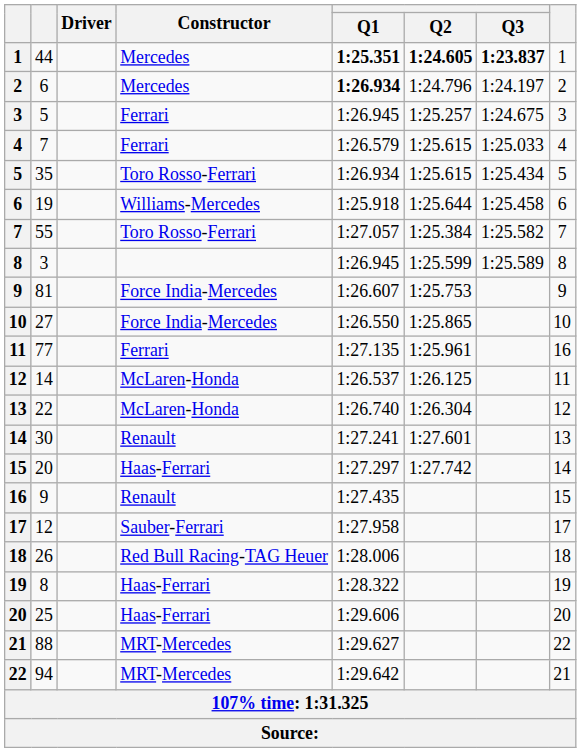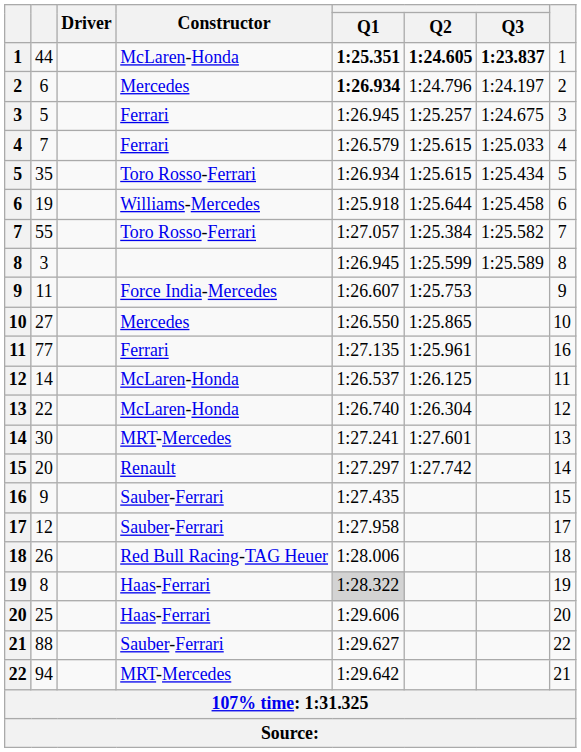 <table class="wikitable sortable" style="font-size: 85%;">
 <tr>
 <th rowspan="2"></th>
 <th rowspan="2"></th>
 <th rowspan="2">Driver</th>
 <th rowspan="2">Constructor</th>
 <th colspan="3"></th>
 <th rowspan="2"></th>
 </tr>
 <tr>
 <th scope="col">Q1</th>
 <th scope="col">Q2</th>
 <th scope="col">Q3</th>
 </tr>
 <tr>
 <th>1</th>
 <td align="center">44</td>
 <td></td>
-<td><a href='#'>Mercedes</a></td>
+<td><a href='#'>McLaren</a>-<a href='#'>Honda</a></td>
 <td><strong>1:25.351</strong></td>
 <td><strong>1:24.605</strong></td>
 <td><strong>1:23.837</strong></td>
 <td align="center">1</td>
 </tr>
 <tr>
 <th>2</th>
 <td align="center">6</td>
 <td></td>
 <td><a href='#'>Mercedes</a></td>
 <td><strong>1:26.934</strong></td>
 <td>1:24.796</td>
 <td>1:24.197</td>
 <td align="center">2</td>
 </tr>
 <tr>
 <th>3</th>
 <td align="center">5</td>
 <td></td>
 <td><a href='#'>Ferrari</a></td>
 <td>1:26.945</td>
 <td>1:25.257</td>
 <td>1:24.675</td>
 <td align="center">3</td>
 </tr>
 <tr>
 <th>4</th>
 <td align="center">7</td>
 <td></td>
 <td><a href='#'>Ferrari</a></td>
 <td>1:26.579</td>
 <td>1:25.615</td>
 <td>1:25.033</td>
 <td align="center">4</td>
 </tr>
 <tr>
 <th>5</th>
 <td align="center">35</td>
 <td></td>
 <td><a href='#'>Toro Rosso</a>-<a href='#'>Ferrari</a></td>
 <td>1:26.934</td>
 <td>1:25.615</td>
 <td>1:25.434</td>
 <td align="center">5</td>
 </tr>
 <tr>
 <th>6</th>
 <td align="center">19</td>
 <td></td>
 <td><a href='#'>Williams</a>-<a href='#'>Mercedes</a></td>
 <td>1:25.918</td>
 <td>1:25.644</td>
 <td>1:25.458</td>
 <td align="center">6</td>
 </tr>
 <tr>
 <th>7</th>
 <td align="center">55</td>
 <td></td>
 <td><a href='#'>Toro Rosso</a>-<a href='#'>Ferrari</a></td>
 <td>1:27.057</td>
 <td>1:25.384</td>
 <td>1:25.582</td>
 <td align="center">7</td>
 </tr>
 <tr>
 <th>8</th>
 <td align="center">3</td>
 <td></td>
 <td></td>
 <td>1:26.945</td>
 <td>1:25.599</td>
 <td>1:25.589</td>
 <td align="center">8</td>
 </tr>
 <tr>
 <th>9</th>
-<td align="center">81</td>
+<td align="center">11</td>
 <td></td>
 <td><a href='#'>Force India</a>-<a href='#'>Mercedes</a></td>
 <td>1:26.607</td>
 <td>1:25.753</td>
 <td></td>
 <td align="center">9</td>
 </tr>
 <tr>
 <th>10</th>
 <td align="center">27</td>
 <td></td>
-<td><a href='#'>Force India</a>-<a href='#'>Mercedes</a></td>
+<td><a href='#'>Mercedes</a></td>
 <td>1:26.550</td>
 <td>1:25.865</td>
 <td></td>
 <td align="center">10</td>
 </tr>
 <tr>
 <th>11</th>
 <td align="center">77</td>
 <td></td>
 <td><a href='#'>Ferrari</a></td>
 <td>1:27.135</td>
 <td>1:25.961</td>
 <td></td>
 <td align="center">16</td>
 </tr>
 <tr>
 <th>12</th>
 <td align="center">14</td>
 <td></td>
 <td><a href='#'>McLaren</a>-<a href='#'>Honda</a></td>
 <td>1:26.537</td>
 <td>1:26.125</td>
 <td></td>
 <td align="center">11</td>
 </tr>
 <tr>
 <th>13</th>
 <td align="center">22</td>
 <td></td>
 <td><a href='#'>McLaren</a>-<a href='#'>Honda</a></td>
 <td>1:26.740</td>
 <td>1:26.304</td>
 <td></td>
 <td align="center">12</td>
 </tr>
 <tr>
 <th>14</th>
 <td align="center">30</td>
 <td></td>
-<td><a href='#'>Renault</a></td>
+<td><a href='#'>MRT</a>-<a href='#'>Mercedes</a></td>
 <td>1:27.241</td>
 <td>1:27.601</td>
 <td></td>
 <td align="center">13</td>
 </tr>
 <tr>
 <th>15</th>
 <td align="center">20</td>
 <td></td>
-<td><a href='#'>Haas</a>-<a href='#'>Ferrari</a></td>
+<td><a href='#'>Renault</a></td>
 <td>1:27.297</td>
 <td>1:27.742</td>
 <td></td>
 <td align="center">14</td>
 </tr>
 <tr>
 <th>16</th>
 <td align="center">9</td>
 <td></td>
-<td><a href='#'>Renault</a></td>
+<td><a href='#'>Sauber</a>-<a href='#'>Ferrari</a></td>
 <td>1:27.435</td>
 <td></td>
 <td></td>
 <td align="center">15</td>
 </tr>
 <tr>
 <th>17</th>
 <td align="center">12</td>
 <td></td>
 <td><a href='#'>Sauber</a>-<a href='#'>Ferrari</a></td>
 <td>1:27.958</td>
 <td></td>
 <td></td>
 <td align="center">17</td>
 </tr>
 <tr>
 <th>18</th>
 <td align="center">26</td>
 <td></td>
 <td><a href='#'>Red Bull Racing</a>-<a href='#'>TAG Heuer</a></td>
 <td>1:28.006</td>
 <td></td>
 <td></td>
 <td align="center">18</td>
 </tr>
 <tr>
 <th>19</th>
 <td align="center">8</td>
 <td></td>
 <td><a href='#'>Haas</a>-<a href='#'>Ferrari</a></td>
-<td>1:28.322</td>
+<td style="background: lightgrey;">1:28.322</td>
 <td></td>
 <td></td>
 <td align="center">19</td>
 </tr>
 <tr>
 <th>20</th>
 <td align="center">25</td>
 <td></td>
 <td><a href='#'>Haas</a>-<a href='#'>Ferrari</a></td>
 <td>1:29.606</td>
 <td></td>
 <td></td>
 <td align="center">20</td>
 </tr>
 <tr>
 <th>21</th>
 <td align="center">88</td>
 <td></td>
-<td><a href='#'>MRT</a>-<a href='#'>Mercedes</a></td>
+<td><a href='#'>Sauber</a>-<a href='#'>Ferrari</a></td>
 <td>1:29.627</td>
 <td></td>
 <td></td>
 <td align="center">22</td>
 </tr>
 <tr>
 <th>22</th>
 <td align="center">94</td>
 <td></td>
 <td><a href='#'>MRT</a>-<a href='#'>Mercedes</a></td>
 <td>1:29.642</td>
 <td></td>
 <td></td>
 <td align="center">21</td>
 </tr>
 <tr>
 <th colspan=8><a href='#'>107% time</a>: 1:31.325</th>
 </tr>
 <tr>
 <th colspan=8>Source:</th>
 </tr>
 </table>
